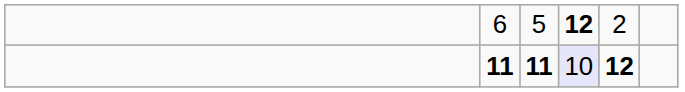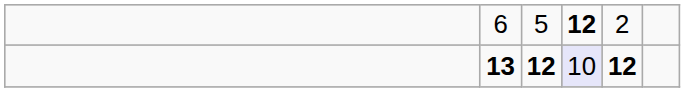 <table class="wikitable">
 <tr>
 <td style="width:18em"></td>
 <td align=center style="width:1em">6</td>
 <td align=center style="width:1em">5</td>
 <td align=center style="width:1em"><strong>12</strong></td>
 <td align=center style="width:1em">2</td>
 <td align=center style="width:1em"></td>
 </tr>
 <tr>
 <td style="width:18em"></td>
-<td align=center style="width:1em"><strong>11</strong></td>
-<td align=center style="width:1em"><strong>11</strong></td>
+<td align=center style="width:1em"><strong>13</strong></td>
+<td align=center style="width:1em"><strong>12</strong></td>
 <td align=center style="background: lavender; width:1em">10</td>
 <td align=center style="width:1em"><strong>12</strong></td>
 <td align=center style="width:1em"></td>
 </tr>
 </table>
